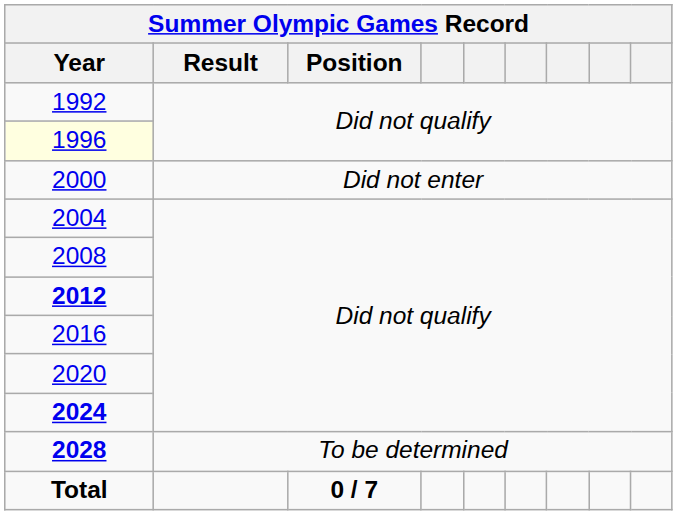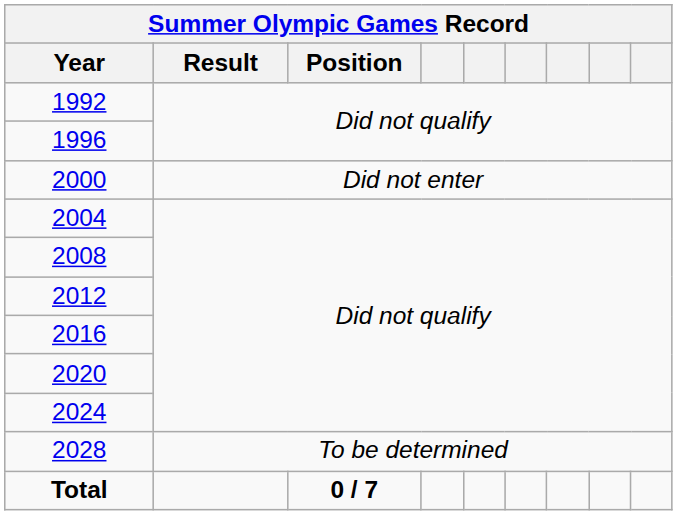 <table class="wikitable" style="text-align: center;">
 <tr>
 <th colspan=9><a href='#'>Summer Olympic Games</a> Record</th>
 </tr>
 <tr>
 <th width="90">Year</th>
 <th width="80">Result</th>
 <th width="80">Position</th>
 <th width="20"></th>
 <th width="20"></th>
 <th width="20"></th>
 <th width="20"></th>
 <th width="20"></th>
 <th width="20"></th>
 </tr>
 <tr>
 <td> <a href='#'>1992</a></td>
 <td rowspan=2 colspan=8><em>Did not qualify</em></td>
 </tr>
 <tr>
-<td style="background: lightyellow;"> <a href='#'>1996</a></td>
+<td> <a href='#'>1996</a></td>
 </tr>
 <tr>
 <td> <a href='#'>2000</a></td>
 <td rowspan=1 colspan=8><em>Did not enter</em></td>
 </tr>
 <tr>
 <td> <a href='#'>2004</a></td>
 <td rowspan=6 colspan=8><em>Did not qualify</em></td>
 </tr>
 <tr>
 <td> <a href='#'>2008</a></td>
 </tr>
 <tr>
-<td><strong> <a href='#'>2012</a></strong></td>
+<td> <a href='#'>2012</a></td>
 </tr>
 <tr>
 <td> <a href='#'>2016</a></td>
 </tr>
 <tr>
 <td> <a href='#'>2020</a></td>
 </tr>
 <tr>
-<td><strong> <a href='#'>2024</a></strong></td>
+<td> <a href='#'>2024</a></td>
 </tr>
 <tr>
-<td><strong> <a href='#'>2028</a></strong></td>
+<td> <a href='#'>2028</a></td>
 <td colspan=8><em>To be determined</em></td>
 </tr>
 <tr>
 <td><strong>Total</strong></td>
 <td></td>
 <td><strong>0 / 7</strong></td>
 <td></td>
 <td></td>
 <td></td>
 <td></td>
 <td></td>
 <td></td>
 </tr>
 </table>
